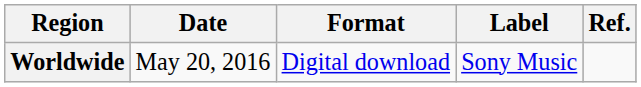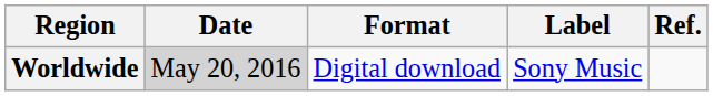 <table class="wikitable plainrowheaders">
 <tr>
 <th scope="col">Region</th>
 <th scope="col">Date</th>
 <th scope="col">Format</th>
 <th scope="col">Label</th>
 <th scope="col">Ref.</th>
 </tr>
 <tr>
 <th scope="row">Worldwide</th>
-<td>May 20, 2016</td>
+<td style="background: lightgrey;">May 20, 2016</td>
 <td><a href='#'>Digital download</a></td>
 <td rowspan=3><a href='#'>Sony Music</a></td>
 <td align="center"></td>
 </tr>
 </table>
